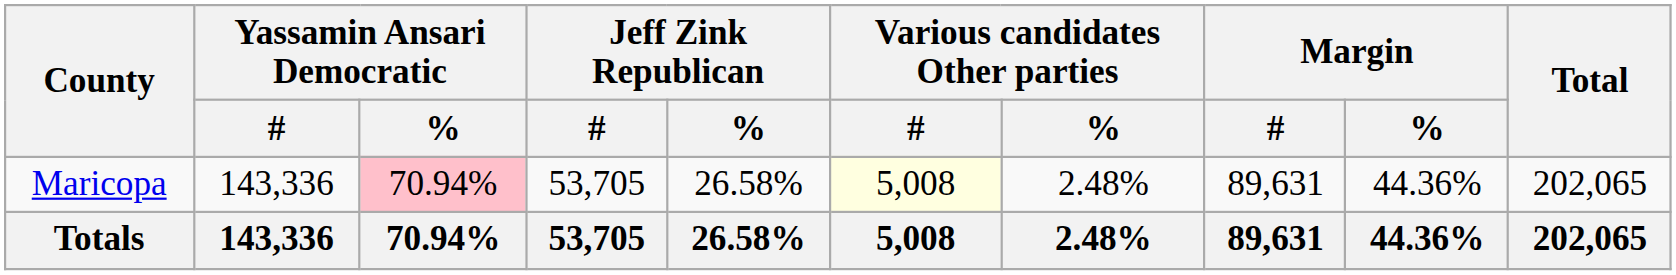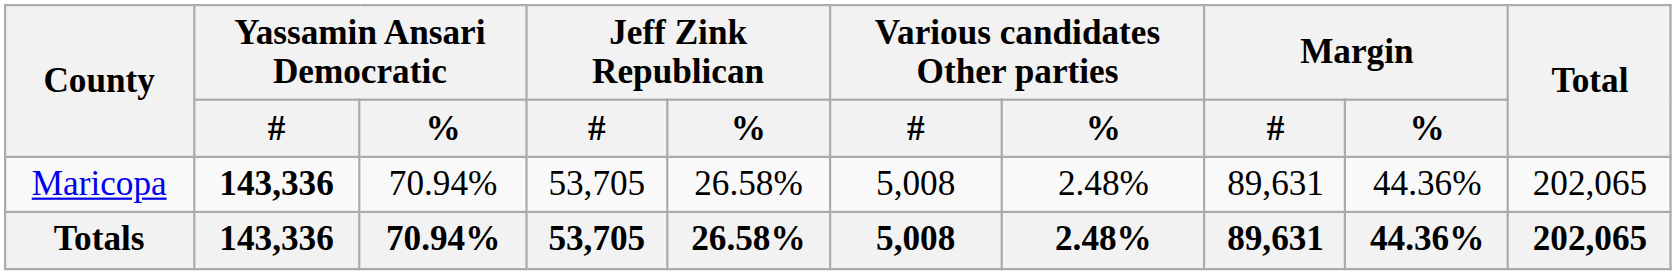 <table class="wikitable sortable" width="60%">
 <tr>
 <th rowspan="2">County</th>
 <th colspan="2">Yassamin Ansari<br>Democratic</th>
 <th colspan="2">Jeff Zink<br> Republican</th>
 <th colspan="2">Various candidates<br>Other parties</th>
 <th colspan="2">Margin</th>
 <th rowspan="2">Total</th>
 </tr>
 <tr>
 <th data-sort-type="number" style="text-align:center;">#</th>
 <th data-sort-type="number" style="text-align:center;">%</th>
 <th data-sort-type="number" style="text-align:center;">#</th>
 <th data-sort-type="number" style="text-align:center;">%</th>
 <th data-sort-type="number" style="text-align:center;">#</th>
 <th data-sort-type="number" style="text-align:center;">%</th>
 <th data-sort-type="number" style="text-align:center;">#</th>
 <th data-sort-type="number" style="text-align:center;">%</th>
 </tr>
 <tr style="text-align:center;">
 <td><a href='#'>Maricopa</a></td>
-<td>143,336</td>
-<td style="background: pink;">70.94%</td>
+<td><strong>143,336</strong></td>
+<td>70.94%</td>
 <td>53,705</td>
 <td>26.58%</td>
-<td style="background: lightyellow;">5,008</td>
+<td>5,008</td>
 <td>2.48%</td>
 <td>89,631</td>
 <td>44.36%</td>
 <td>202,065</td>
 </tr>
 <tr>
 <th>Totals</th>
 <th>143,336</th>
 <th>70.94%</th>
 <th>53,705</th>
 <th>26.58%</th>
 <th>5,008</th>
 <th>2.48%</th>
 <th>89,631</th>
 <th>44.36%</th>
 <th>202,065</th>
 </tr>
 </table>
